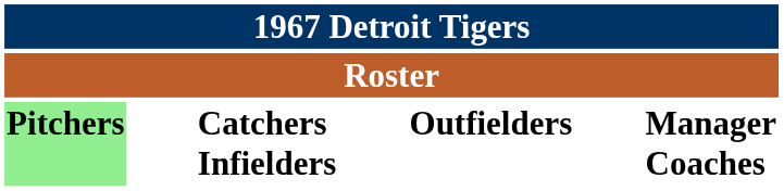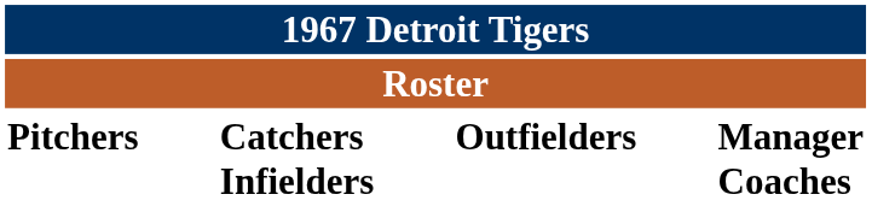 <table class="toccolours" style="font-size: 95%;">
 <tr>
 <th colspan="10" style="background-color: #003366; color: white; text-align: center;">1967 Detroit Tigers</th>
 </tr>
 <tr>
 <td colspan="10" style="background-color: #bd5d29; color: white; text-align: center;"><strong>Roster</strong></td>
 </tr>
 <tr>
-<td valign="top" style="background: lightgreen;"><strong>Pitchers</strong><br>                </td>
+<td valign="top"><strong>Pitchers</strong><br>                </td>
 <td width="25px"></td>
 <td valign="top"><strong>Catchers</strong><br>   <strong>Infielders</strong>          </td>
 <td width="25px"></td>
 <td valign="top"><strong>Outfielders</strong><br>       </td>
 <td width="25px"></td>
 <td valign="top"><strong>Manager</strong><br> <strong>Coaches</strong>    </td>
 </tr>
 <tr>
 </tr>
 </table>
